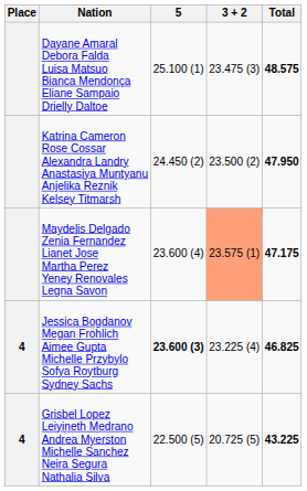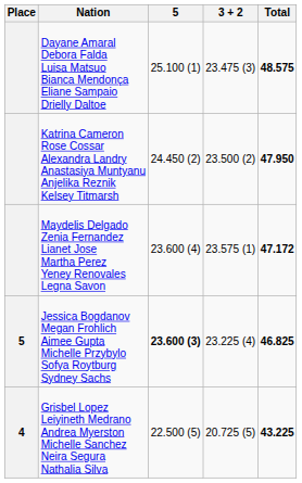 <table class="wikitable sortable" style="text-align:center">
 <tr>
 <th scope=col>Place</th>
 <th scope=col>Nation</th>
 <th scope=col>5 </th>
 <th scope=col>3  + 2 </th>
 <th scope=col>Total</th>
 </tr>
 <tr>
 <th scope=row></th>
 <td align=left><br><a href='#'>Dayane Amaral</a><br><a href='#'>Debora Falda</a><br><a href='#'>Luisa Matsuo</a><br><a href='#'>Bianca Mendonça</a><br><a href='#'>Eliane Sampaio</a><br><a href='#'>Drielly Daltoe</a></td>
 <td>25.100 (1)</td>
 <td>23.475 (3)</td>
 <td><strong>48.575</strong></td>
 </tr>
 <tr>
 <th scope=row></th>
 <td align=left><br><a href='#'>Katrina Cameron</a><br><a href='#'>Rose Cossar</a><br><a href='#'>Alexandra Landry</a><br><a href='#'>Anastasiya Muntyanu</a><br><a href='#'>Anjelika Reznik</a><br><a href='#'>Kelsey Titmarsh</a></td>
 <td>24.450 (2)</td>
 <td>23.500 (2)</td>
 <td><strong>47.950</strong></td>
 </tr>
 <tr>
 <th scope=row></th>
 <td align=left><br><a href='#'>Maydelis Delgado</a><br><a href='#'>Zenia Fernandez</a><br><a href='#'>Lianet Jose</a><br><a href='#'>Martha Perez</a><br><a href='#'>Yeney Renovales</a><br><a href='#'>Legna Savon</a></td>
 <td>23.600 (4)</td>
-<td style="background: lightsalmon;">23.575 (1)</td>
-<td><strong>47.175</strong></td>
+<td>23.575 (1)</td>
+<td><strong>47.172</strong></td>
 </tr>
 <tr>
-<th scope=row>4</th>
+<th scope=row>5</th>
 <td align=left><br><a href='#'>Jessica Bogdanov</a><br><a href='#'>Megan Frohlich</a><br><a href='#'>Aimee Gupta</a><br><a href='#'>Michelle Przybylo</a><br><a href='#'>Sofya Roytburg</a><br><a href='#'>Sydney Sachs</a></td>
 <td><strong>23.600 (3)</strong></td>
 <td>23.225 (4)</td>
 <td><strong>46.825</strong></td>
 </tr>
 <tr>
 <th scope=row>4</th>
 <td align=left><br><a href='#'>Grisbel Lopez</a><br><a href='#'>Leiyineth Medrano</a><br><a href='#'>Andrea Myerston</a><br><a href='#'>Michelle Sanchez</a><br><a href='#'>Neira Segura</a><br><a href='#'>Nathalia Silva</a></td>
 <td>22.500 (5)</td>
 <td>20.725 (5)</td>
 <td><strong>43.225</strong></td>
 </tr>
 </table>
